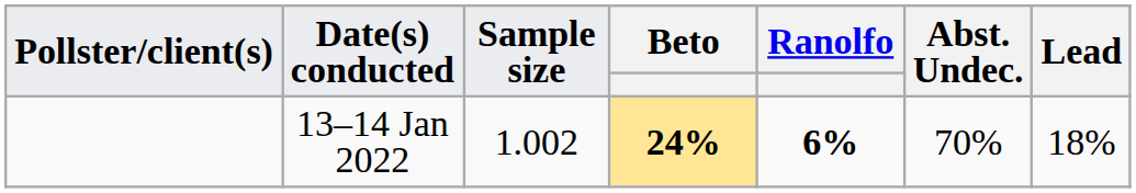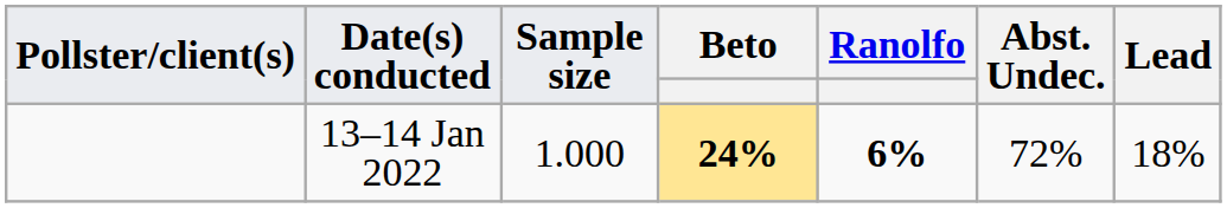 <table class="wikitable sortable" style="text-align:center;font-size:90%;line-height:14px;">
 <tr>
 <td rowspan="2" class="unsortable" style="width:50px;background:#eaecf0;"><strong>Pollster/client(s)</strong></td>
 <td rowspan="2" class="unsortable" style="width:50px;background:#eaecf0;"><strong>Date(s)<br>conducted</strong></td>
 <td rowspan="2" class="unsortable" style="width:50px;background:#eaecf0;"><strong>Sample<br> size</strong></td>
 <th class="unsortable" style="width:50px;"><strong>Beto</strong><br></th>
 <th class="unsortable" style="width:50px;"><a href='#'>Ranolfo</a><br></th>
 <th rowspan="2" class="unsortable">Abst.<br>Undec.</th>
 <th rowspan="2" data-sort-type="number">Lead</th>
 </tr>
 <tr>
 <th data-sort-type="number" class="sortable" style="background:"></th>
 <th data-sort-type="number" class="sortable" style="background:"></th>
 </tr>
 <tr>
 <td></td>
 <td>13–14 Jan 2022</td>
-<td>1.002</td>
+<td>1.000</td>
 <td style="background:#ffe694;"><strong>24%</strong></td>
 <td><strong>6%</strong></td>
-<td>70%</td>
+<td>72%</td>
 <td style="background:">18%</td>
 </tr>
 </table>
